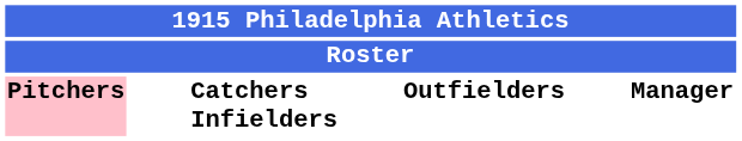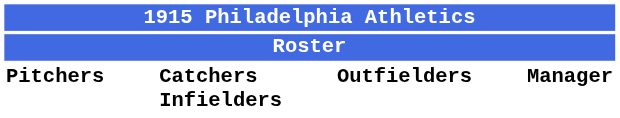 <table class="toccolours" style="font-size: 95%;">
 <tr>
 <th colspan="10" style="background-color: #4169e1; color: white; text-align: center;">1915 Philadelphia Athletics</th>
 </tr>
 <tr>
 <td colspan="10" style="background-color: #4169e1; color: white; text-align: center;"><strong>Roster</strong></td>
 </tr>
 <tr>
-<td valign="top" style="background: pink;"><strong>Pitchers</strong><br>                         </td>
+<td valign="top"><strong>Pitchers</strong><br>                         </td>
 <td width="25px"></td>
 <td valign="top"><strong>Catchers</strong><br>     <strong>Infielders</strong>                  </td>
 <td width="25px"></td>
 <td valign="top"><strong>Outfielders</strong><br>      </td>
 <td width="25px"></td>
 <td valign="top"><strong>Manager</strong><br></td>
 </tr>
 </table>
